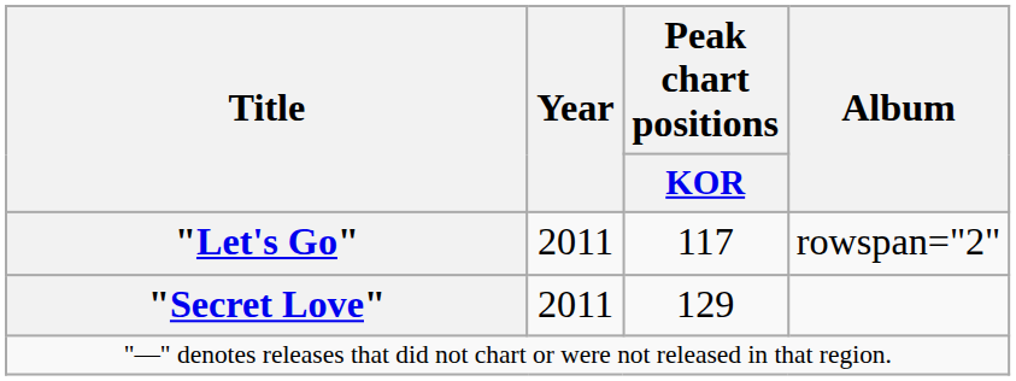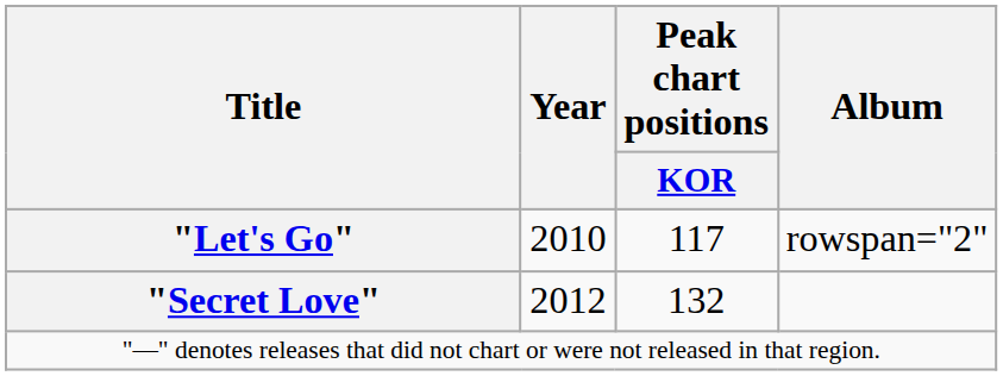 <table class="wikitable plainrowheaders" style="text-align:center">
 <tr>
 <th scope="col" rowspan="2" style="width:13em">Title</th>
 <th scope="col" rowspan="2">Year</th>
 <th scope="col" colspan="1">Peak chart positions</th>
 <th scope="col" rowspan="2">Album</th>
 </tr>
 <tr>
 <th scope="col" style="width:3.5em;font-size:90%"><a href='#'>KOR</a><br></th>
 </tr>
 <tr>
 <th scope="row">"<a href='#'>Let's Go</a>" </th>
-<td>2011</td>
+<td>2010</td>
 <td>117</td>
 <td>rowspan="2" </td>
 </tr>
 <tr>
 <th scope="row">"<a href='#'>Secret Love</a>" </th>
-<td>2011</td>
-<td>129</td>
+<td>2012</td>
+<td>132</td>
 </tr>
 <tr>
 <td colspan="6" style="font-size:8pt">"—" denotes releases that did not chart or were not released in that region.</td>
 </tr>
 </table>
